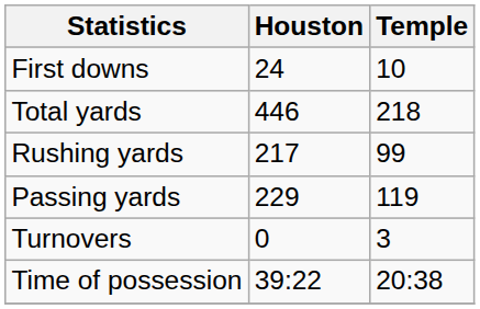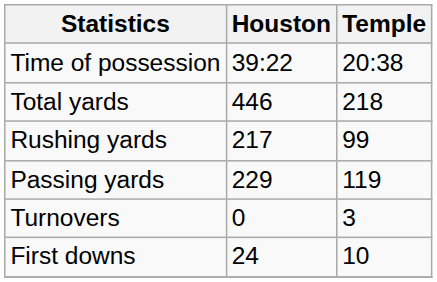 <table class="wikitable">
 <tr>
 <th>Statistics</th>
 <th>Houston</th>
 <th>Temple</th>
 </tr>
 <tr>
-<td>First downs</td>
-<td>24</td>
-<td>10</td>
+<td>Time of possession</td>
+<td>39:22</td>
+<td>20:38</td>
 </tr>
 <tr>
 <td>Total yards</td>
 <td>446</td>
 <td>218</td>
 </tr>
 <tr>
 <td>Rushing yards</td>
 <td>217</td>
 <td>99</td>
 </tr>
 <tr>
 <td>Passing yards</td>
 <td>229</td>
 <td>119</td>
 </tr>
 <tr>
 <td>Turnovers</td>
 <td>0</td>
 <td>3</td>
 </tr>
 <tr>
-<td>Time of possession</td>
-<td>39:22</td>
-<td>20:38</td>
+<td>First downs</td>
+<td>24</td>
+<td>10</td>
 </tr>
 <tr>
 </tr>
 </table>
